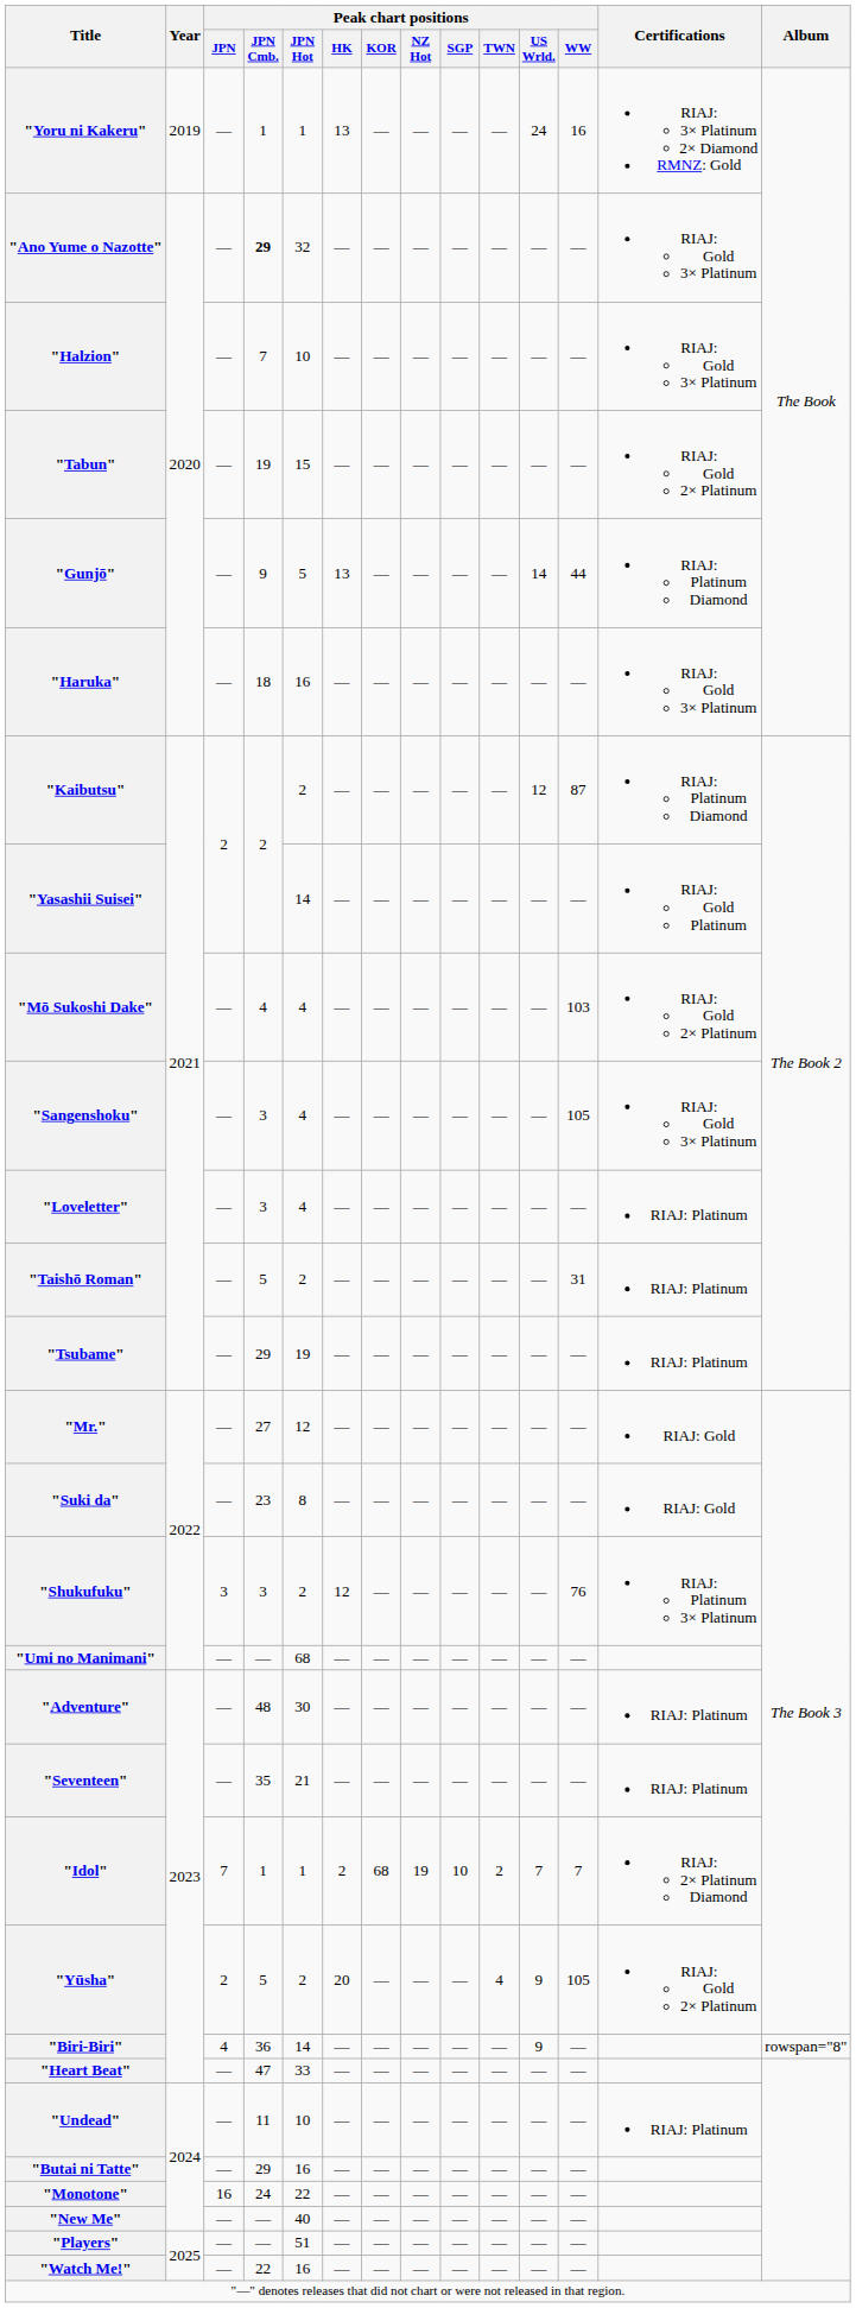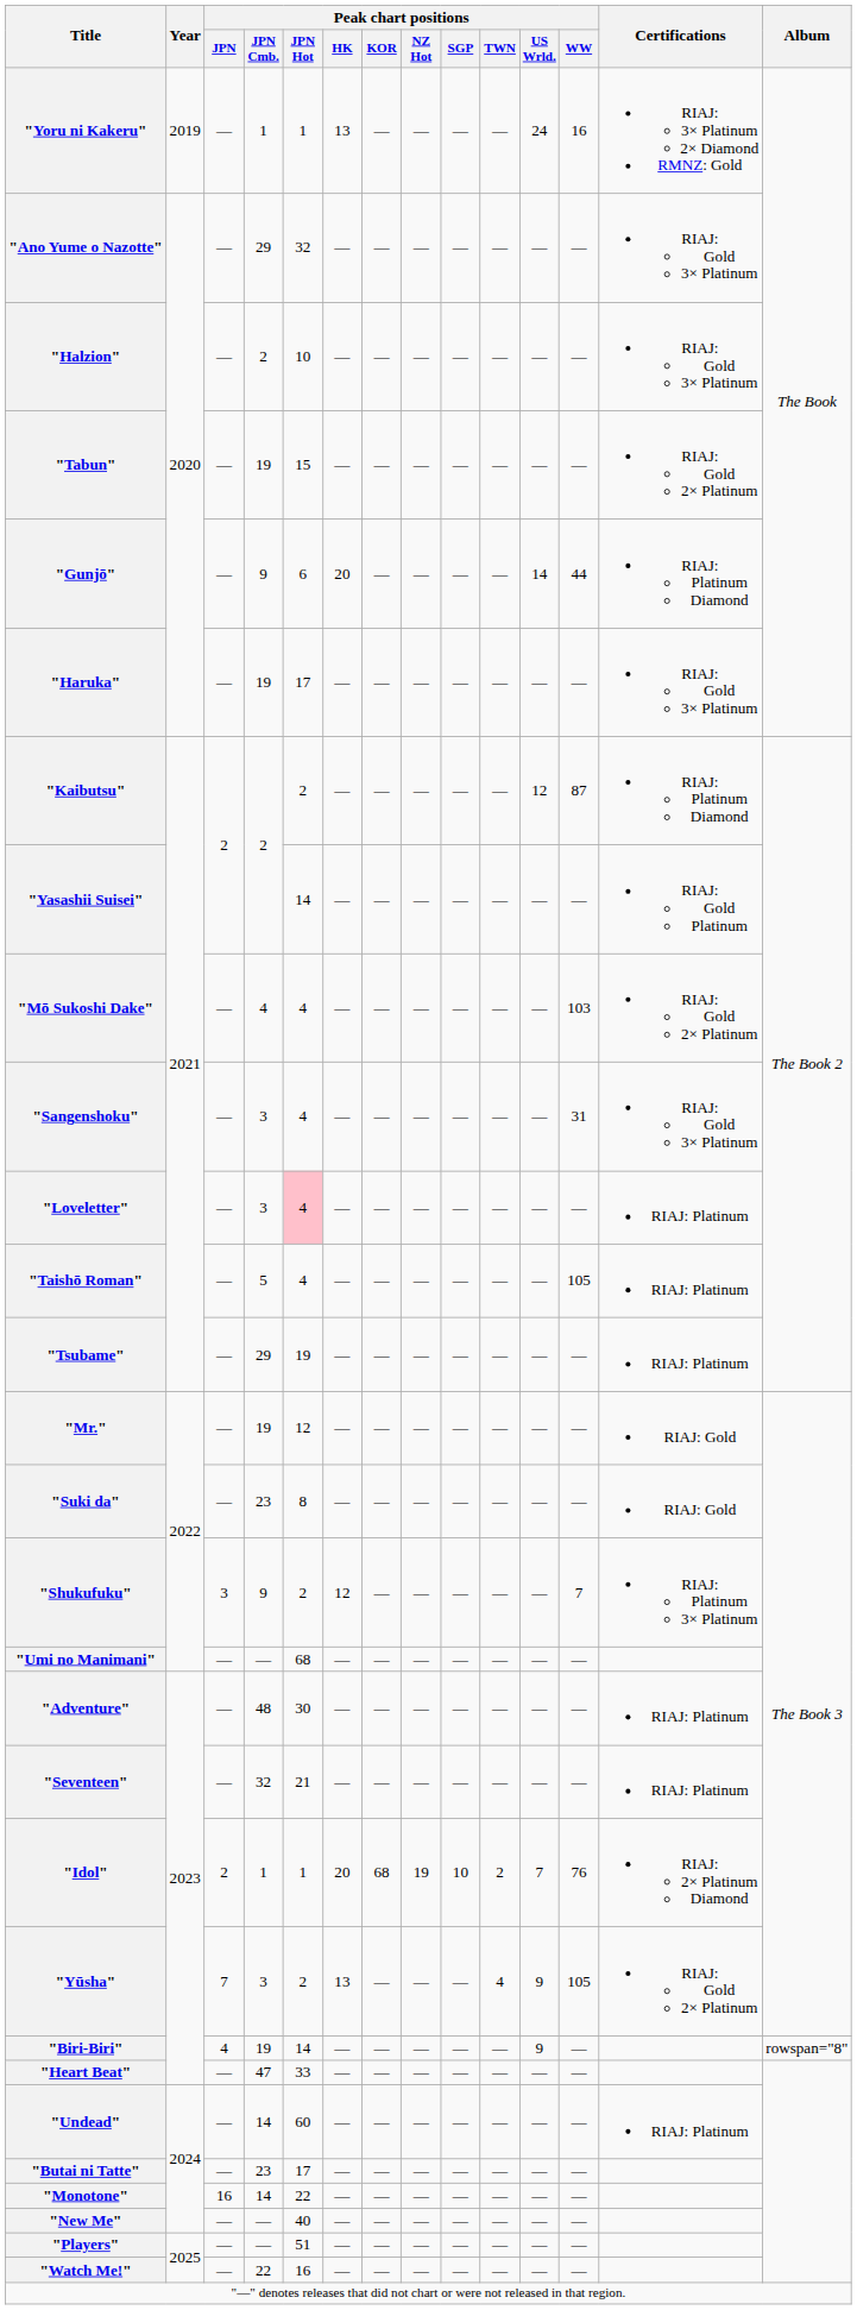 <table class="wikitable plainrowheaders" style="text-align:center">
 <tr>
 <th scope="col" rowspan="2">Title</th>
 <th scope="col" rowspan="2">Year</th>
 <th scope="col" colspan="10">Peak chart positions</th>
 <th scope="col" rowspan="2">Certifications</th>
 <th scope="col" rowspan="2">Album</th>
 </tr>
 <tr>
 <th scope="col" style="width:2.5em;font-size:85%"><a href='#'>JPN</a><br></th>
 <th scope="col" style="width:2.5em;font-size:85%"><a href='#'>JPN<br>Cmb.</a><br></th>
 <th scope="col" style="width:2.5em;font-size:85%"><a href='#'>JPN<br>Hot</a><br></th>
 <th scope="col" style="width:2.5em;font-size:85%"><a href='#'>HK</a><br></th>
 <th scope="col" style="width:2.5em;font-size:85%"><a href='#'>KOR</a><br></th>
 <th scope="col" style="width:2.5em;font-size:85%"><a href='#'>NZ<br>Hot</a><br></th>
 <th scope="col" style="width:2.5em;font-size:85%"><a href='#'>SGP</a><br></th>
 <th scope="col" style="width:2.5em;font-size:85%"><a href='#'>TWN</a><br></th>
 <th scope="col" style="width:2.5em;font-size:85%"><a href='#'>US<br>Wrld.</a><br></th>
 <th scope="col" style="width:2.5em;font-size:85%"><a href='#'>WW</a><br></th>
 </tr>
 <tr>
 <th scope="row">"<a href='#'>Yoru ni Kakeru</a>"</th>
 <td>2019</td>
 <td>—</td>
 <td>1</td>
 <td>1</td>
 <td>13</td>
 <td>—</td>
 <td>—</td>
 <td>—</td>
 <td>—</td>
 <td>24</td>
 <td>16</td>
 <td><br><ul><li>RIAJ:<ul><li>3× Platinum </li><li>2× Diamond </li></ul></li><li><a href='#'>RMNZ</a>: Gold</li></ul></td>
 <td rowspan="6"><em>The Book</em></td>
 </tr>
 <tr>
 <th scope="row">"<a href='#'>Ano Yume o Nazotte</a>"</th>
 <td rowspan="5">2020</td>
 <td>—</td>
-<td><strong>29</strong></td>
+<td>29</td>
 <td>32</td>
 <td>—</td>
 <td>—</td>
 <td>—</td>
 <td>—</td>
 <td>—</td>
 <td>—</td>
 <td>—</td>
 <td><br><ul><li>RIAJ:<ul><li>Gold </li><li>3× Platinum </li></ul></li></ul></td>
 </tr>
 <tr>
 <th scope="row">"<a href='#'>Halzion</a>"</th>
 <td>—</td>
-<td>7</td>
+<td>2</td>
 <td>10</td>
 <td>—</td>
 <td>—</td>
 <td>—</td>
 <td>—</td>
 <td>—</td>
 <td>—</td>
 <td>—</td>
 <td><br><ul><li>RIAJ:<ul><li>Gold </li><li>3× Platinum </li></ul></li></ul></td>
 </tr>
 <tr>
 <th scope="row">"<a href='#'>Tabun</a>"</th>
 <td>—</td>
 <td>19</td>
 <td>15</td>
 <td>—</td>
 <td>—</td>
 <td>—</td>
 <td>—</td>
 <td>—</td>
 <td>—</td>
 <td>—</td>
 <td><br><ul><li>RIAJ:<ul><li>Gold </li><li>2× Platinum </li></ul></li></ul></td>
 </tr>
 <tr>
 <th scope="row">"<a href='#'>Gunjō</a>"</th>
 <td>—</td>
 <td>9</td>
-<td>5</td>
-<td>13</td>
+<td>6</td>
+<td>20</td>
 <td>—</td>
 <td>—</td>
 <td>—</td>
 <td>—</td>
 <td>14</td>
 <td>44</td>
 <td><br><ul><li>RIAJ:<ul><li>Platinum </li><li>Diamond </li></ul></li></ul></td>
 </tr>
 <tr>
 <th scope="row">"<a href='#'>Haruka</a>"</th>
 <td>—</td>
-<td>18</td>
-<td>16</td>
+<td>19</td>
+<td>17</td>
 <td>—</td>
 <td>—</td>
 <td>—</td>
 <td>—</td>
 <td>—</td>
 <td>—</td>
 <td>—</td>
 <td><br><ul><li>RIAJ:<ul><li>Gold </li><li>3× Platinum </li></ul></li></ul></td>
 </tr>
 <tr>
 <th scope="row">"<a href='#'>Kaibutsu</a>"</th>
 <td rowspan="7">2021</td>
 <td rowspan="2">2</td>
 <td rowspan="2">2</td>
 <td>2</td>
 <td>—</td>
 <td>—</td>
 <td>—</td>
 <td>—</td>
 <td>—</td>
 <td>12</td>
 <td>87</td>
 <td><br><ul><li>RIAJ:<ul><li>Platinum </li><li>Diamond </li></ul></li></ul></td>
 <td rowspan="7"><em>The Book 2</em></td>
 </tr>
 <tr>
 <th scope="row">"<a href='#'>Yasashii Suisei</a>"</th>
 <td>14</td>
 <td>—</td>
 <td>—</td>
 <td>—</td>
 <td>—</td>
 <td>—</td>
 <td>—</td>
 <td>—</td>
 <td><br><ul><li>RIAJ:<ul><li>Gold </li><li>Platinum </li></ul></li></ul></td>
 </tr>
 <tr>
 <th scope="row">"<a href='#'>Mō Sukoshi Dake</a>"</th>
 <td>—</td>
 <td>4</td>
 <td>4</td>
 <td>—</td>
 <td>—</td>
 <td>—</td>
 <td>—</td>
 <td>—</td>
 <td>—</td>
 <td>103</td>
 <td><br><ul><li>RIAJ:<ul><li>Gold </li><li>2× Platinum </li></ul></li></ul></td>
 </tr>
 <tr>
 <th scope="row">"<a href='#'>Sangenshoku</a>"</th>
 <td>—</td>
 <td>3</td>
 <td>4</td>
 <td>—</td>
 <td>—</td>
 <td>—</td>
 <td>—</td>
 <td>—</td>
 <td>—</td>
-<td>105</td>
+<td>31</td>
 <td><br><ul><li>RIAJ:<ul><li>Gold </li><li>3× Platinum </li></ul></li></ul></td>
 </tr>
 <tr>
 <th scope="row">"<a href='#'>Loveletter</a>"</th>
 <td>—</td>
 <td>3</td>
-<td>4</td>
+<td style="background: pink;">4</td>
 <td>—</td>
 <td>—</td>
 <td>—</td>
 <td>—</td>
 <td>—</td>
 <td>—</td>
 <td>—</td>
 <td><br><ul><li>RIAJ: Platinum </li></ul></td>
 </tr>
 <tr>
 <th scope="row">"<a href='#'>Taishō Roman</a>"</th>
 <td>—</td>
 <td>5</td>
-<td>2</td>
+<td>4</td>
 <td>—</td>
 <td>—</td>
 <td>—</td>
 <td>—</td>
 <td>—</td>
 <td>—</td>
-<td>31</td>
+<td>105</td>
 <td><br><ul><li>RIAJ: Platinum </li></ul></td>
 </tr>
 <tr>
 <th scope="row">"<a href='#'>Tsubame</a>"<br></th>
 <td>—</td>
 <td>29</td>
 <td>19</td>
 <td>—</td>
 <td>—</td>
 <td>—</td>
 <td>—</td>
 <td>—</td>
 <td>—</td>
 <td>—</td>
 <td><br><ul><li>RIAJ: Platinum </li></ul></td>
 </tr>
 <tr>
 <th scope="row">"<a href='#'>Mr.</a>"</th>
 <td rowspan="4">2022</td>
 <td>—</td>
-<td>27</td>
+<td>19</td>
 <td>12</td>
 <td>—</td>
 <td>—</td>
 <td>—</td>
 <td>—</td>
 <td>—</td>
 <td>—</td>
 <td>—</td>
 <td><br><ul><li>RIAJ: Gold </li></ul></td>
 <td rowspan="8"><em>The Book 3</em></td>
 </tr>
 <tr>
 <th scope="row">"<a href='#'>Suki da</a>"</th>
 <td>—</td>
 <td>23</td>
 <td>8</td>
 <td>—</td>
 <td>—</td>
 <td>—</td>
 <td>—</td>
 <td>—</td>
 <td>—</td>
 <td>—</td>
 <td><br><ul><li>RIAJ: Gold </li></ul></td>
 </tr>
 <tr>
 <th scope="row">"<a href='#'>Shukufuku</a>"</th>
 <td>3</td>
-<td>3</td>
+<td>9</td>
 <td>2</td>
 <td>12</td>
 <td>—</td>
 <td>—</td>
 <td>—</td>
 <td>—</td>
 <td>—</td>
-<td>76</td>
+<td>7</td>
 <td><br><ul><li>RIAJ:<ul><li>Platinum </li><li>3× Platinum </li></ul></li></ul></td>
 </tr>
 <tr>
 <th scope="row">"<a href='#'>Umi no Manimani</a>"</th>
 <td>—</td>
 <td>—</td>
 <td>68</td>
 <td>—</td>
 <td>—</td>
 <td>—</td>
 <td>—</td>
 <td>—</td>
 <td>—</td>
 <td>—</td>
 <td></td>
 </tr>
 <tr>
 <th scope="row">"<a href='#'>Adventure</a>"</th>
 <td rowspan="6">2023</td>
 <td>—</td>
 <td>48</td>
 <td>30</td>
 <td>—</td>
 <td>—</td>
 <td>—</td>
 <td>—</td>
 <td>—</td>
 <td>—</td>
 <td>—</td>
 <td><br><ul><li>RIAJ: Platinum </li></ul></td>
 </tr>
 <tr>
 <th scope="row">"<a href='#'>Seventeen</a>"</th>
 <td>—</td>
-<td>35</td>
+<td>32</td>
 <td>21</td>
 <td>—</td>
 <td>—</td>
 <td>—</td>
 <td>—</td>
 <td>—</td>
 <td>—</td>
 <td>—</td>
 <td><br><ul><li>RIAJ: Platinum </li></ul></td>
 </tr>
 <tr>
 <th scope="row">"<a href='#'>Idol</a>"</th>
-<td>7</td>
+<td>2</td>
 <td>1</td>
 <td>1</td>
-<td>2</td>
+<td>20</td>
 <td>68</td>
 <td>19</td>
 <td>10</td>
 <td>2</td>
 <td>7</td>
-<td>7</td>
+<td>76</td>
 <td><br><ul><li>RIAJ:<ul><li>2× Platinum </li><li>Diamond </li></ul></li></ul></td>
 </tr>
 <tr>
 <th scope="row">"<a href='#'>Yūsha</a>"</th>
+<td>7</td>
+<td>3</td>
 <td>2</td>
-<td>5</td>
-<td>2</td>
-<td>20</td>
+<td>13</td>
 <td>—</td>
 <td>—</td>
 <td>—</td>
 <td>4</td>
 <td>9</td>
 <td>105</td>
 <td><br><ul><li>RIAJ:<ul><li>Gold </li><li>2× Platinum </li></ul></li></ul></td>
 </tr>
 <tr>
 <th scope="row">"<a href='#'>Biri-Biri</a>"</th>
 <td>4</td>
-<td>36</td>
+<td>19</td>
 <td>14</td>
 <td>—</td>
 <td>—</td>
 <td>—</td>
 <td>—</td>
 <td>—</td>
 <td>9</td>
 <td>—</td>
 <td></td>
 <td>rowspan="8" </td>
 </tr>
 <tr>
 <th scope="row">"<a href='#'>Heart Beat</a>"</th>
 <td>—</td>
 <td>47</td>
 <td>33</td>
 <td>—</td>
 <td>—</td>
 <td>—</td>
 <td>—</td>
 <td>—</td>
 <td>—</td>
 <td>—</td>
 <td></td>
 </tr>
 <tr>
 <th scope="row">"<a href='#'>Undead</a>"</th>
 <td rowspan="4">2024</td>
 <td>—</td>
-<td>11</td>
-<td>10</td>
+<td>14</td>
+<td>60</td>
 <td>—</td>
 <td>—</td>
 <td>—</td>
 <td>—</td>
 <td>—</td>
 <td>—</td>
 <td>—</td>
 <td><br><ul><li>RIAJ: Platinum </li></ul></td>
 </tr>
 <tr>
 <th scope="row">"<a href='#'>Butai ni Tatte</a>"</th>
 <td>—</td>
-<td>29</td>
-<td>16</td>
+<td>23</td>
+<td>17</td>
 <td>—</td>
 <td>—</td>
 <td>—</td>
 <td>—</td>
 <td>—</td>
 <td>—</td>
 <td>—</td>
 <td></td>
 </tr>
 <tr>
 <th scope="row">"<a href='#'>Monotone</a>"</th>
 <td>16</td>
-<td>24</td>
+<td>14</td>
 <td>22</td>
 <td>—</td>
 <td>—</td>
 <td>—</td>
 <td>—</td>
 <td>—</td>
 <td>—</td>
 <td>—</td>
 <td></td>
 </tr>
 <tr>
 <th scope="row">"<a href='#'>New Me</a>"</th>
 <td>—</td>
 <td>—</td>
 <td>40</td>
 <td>—</td>
 <td>—</td>
 <td>—</td>
 <td>—</td>
 <td>—</td>
 <td>—</td>
 <td>—</td>
 <td></td>
 </tr>
 <tr>
 <th scope="row">"<a href='#'>Players</a>"</th>
 <td rowspan="2">2025</td>
 <td>—</td>
 <td>—</td>
 <td>51</td>
 <td>—</td>
 <td>—</td>
 <td>—</td>
 <td>—</td>
 <td>—</td>
 <td>—</td>
 <td>—</td>
 <td></td>
 </tr>
 <tr>
 <th scope="row">"<a href='#'>Watch Me!</a>"</th>
 <td>—</td>
 <td>22</td>
 <td>16</td>
 <td>—</td>
 <td>—</td>
 <td>—</td>
 <td>—</td>
 <td>—</td>
 <td>—</td>
 <td>—</td>
 <td></td>
 </tr>
 <tr>
 <td colspan="14" style="font-size:85%">"—" denotes releases that did not chart or were not released in that region.</td>
 </tr>
 </table>
